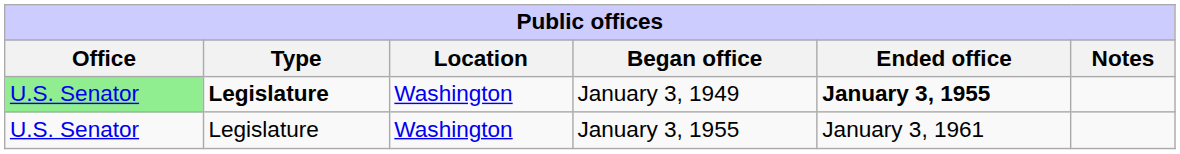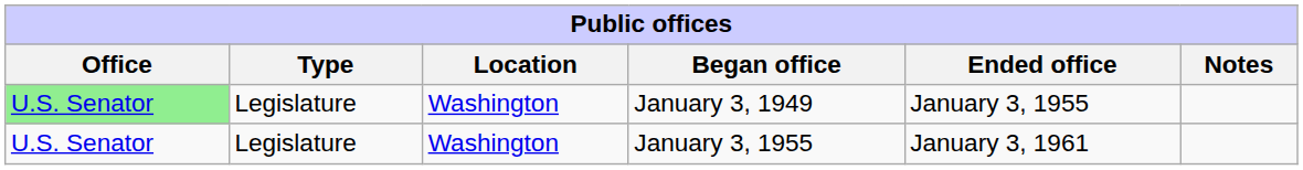 <table class=wikitable style="width: 94%" style="text-align: center;" align="center">
 <tr bgcolor=#cccccc>
 <th colspan=7 style="background: #ccccff;">Public offices</th>
 </tr>
 <tr>
 <th><strong>Office</strong></th>
 <th><strong>Type</strong></th>
 <th><strong>Location</strong></th>
 <th><strong>Began office</strong></th>
 <th><strong>Ended office</strong></th>
 <th><strong>Notes</strong></th>
 </tr>
 <tr>
 <td style="background: lightgreen;"><a href='#'>U.S. Senator</a></td>
-<td><strong>Legislature</strong></td>
+<td>Legislature</td>
 <td><a href='#'>Washington</a></td>
 <td>January 3, 1949</td>
-<td><strong>January 3, 1955</strong></td>
+<td>January 3, 1955</td>
 <td></td>
 </tr>
 <tr>
 <td><a href='#'>U.S. Senator</a></td>
 <td>Legislature</td>
 <td><a href='#'>Washington</a></td>
 <td>January 3, 1955</td>
 <td>January 3, 1961</td>
 <td></td>
 </tr>
 </table>
